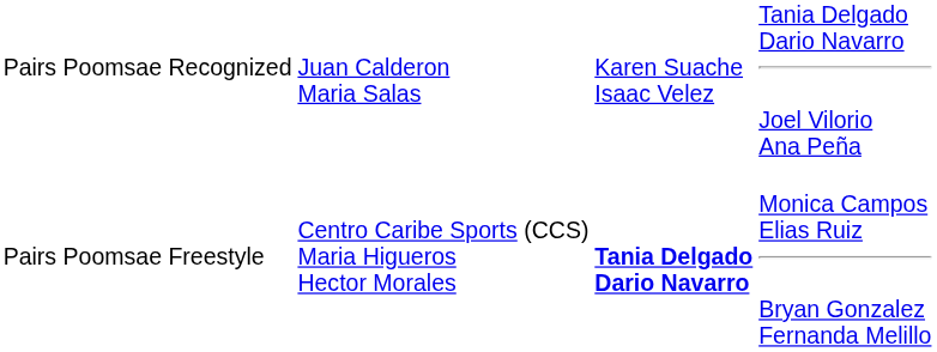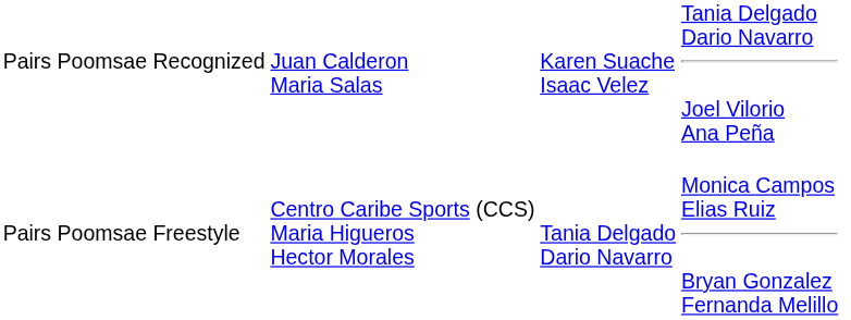 <table>
 <tr>
 <td>Pairs Poomsae Recognized</td>
 <td><br><a href='#'>Juan Calderon</a><br><a href='#'>Maria Salas</a></td>
 <td><br><a href='#'>Karen Suache</a><br><a href='#'>Isaac Velez</a></td>
 <td><br><a href='#'>Tania Delgado</a><br><a href='#'>Dario Navarro</a><hr><br><a href='#'>Joel Vilorio</a><br><a href='#'>Ana Peña</a></td>
 </tr>
 <tr>
 <td>Pairs Poomsae Freestyle</td>
 <td><a href='#'>Centro Caribe Sports</a> (CCS)<br><a href='#'>Maria Higueros</a><br><a href='#'>Hector Morales</a></td>
-<td><strong><br><a href='#'>Tania Delgado</a><br><a href='#'>Dario Navarro</a></strong></td>
+<td><br><a href='#'>Tania Delgado</a><br><a href='#'>Dario Navarro</a></td>
 <td><br><a href='#'>Monica Campos</a><br><a href='#'>Elias Ruiz</a><hr><br><a href='#'>Bryan Gonzalez</a><br><a href='#'>Fernanda Melillo</a></td>
 </tr>
 </table>
